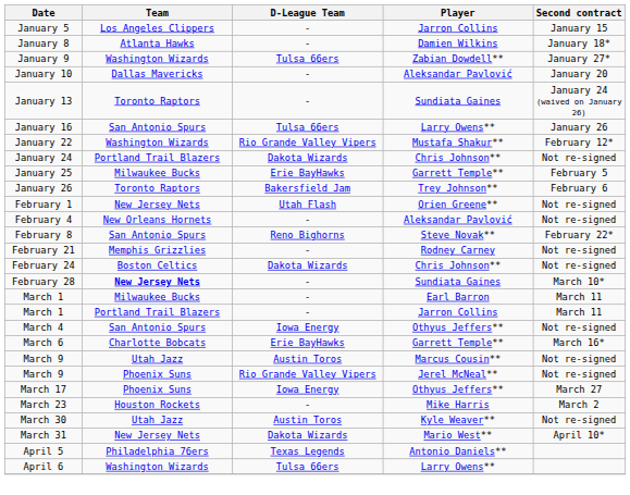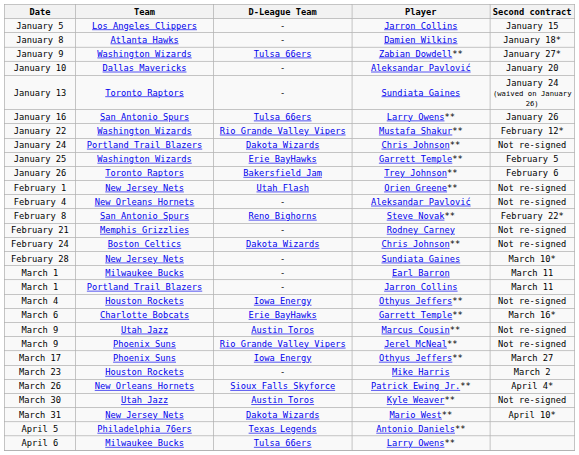 <table class="wikitable" style="text-align: center">
 <tr>
 <th style="width:100px">Date</th>
 <th style="width:200px">Team</th>
 <th style="width:200px">D-League Team</th>
 <th style="width:200px">Player</th>
 <th style="width:120px">Second contract</th>
 </tr>
 <tr>
 <td align="center">January 5</td>
 <td><a href='#'>Los Angeles Clippers</a></td>
 <td>-</td>
 <td><a href='#'>Jarron Collins</a></td>
 <td>January 15</td>
 </tr>
 <tr>
 <td align="center">January 8</td>
 <td><a href='#'>Atlanta Hawks</a></td>
 <td>-</td>
 <td><a href='#'>Damien Wilkins</a></td>
 <td>January 18*</td>
 </tr>
 <tr>
 <td align="center">January 9</td>
 <td><a href='#'>Washington Wizards</a></td>
 <td><a href='#'>Tulsa 66ers</a></td>
 <td><a href='#'>Zabian Dowdell</a>**</td>
 <td>January 27*</td>
 </tr>
 <tr>
 <td align="center">January 10</td>
 <td><a href='#'>Dallas Mavericks</a></td>
 <td>-</td>
 <td><a href='#'>Aleksandar Pavlović</a></td>
 <td>January 20</td>
 </tr>
 <tr>
 <td align="center">January 13</td>
 <td><a href='#'>Toronto Raptors</a></td>
 <td>-</td>
 <td><a href='#'>Sundiata Gaines</a></td>
 <td>January 24 <small> (waived on January 26) </small></td>
 </tr>
 <tr>
 <td align="center">January 16</td>
 <td><a href='#'>San Antonio Spurs</a></td>
 <td><a href='#'>Tulsa 66ers</a></td>
 <td><a href='#'>Larry Owens</a>**</td>
 <td>January 26</td>
 </tr>
 <tr>
 <td align="center">January 22</td>
 <td><a href='#'>Washington Wizards</a></td>
 <td><a href='#'>Rio Grande Valley Vipers</a></td>
 <td><a href='#'>Mustafa Shakur</a>**</td>
 <td>February 12*</td>
 </tr>
 <tr>
 <td align="center">January 24</td>
 <td><a href='#'>Portland Trail Blazers</a></td>
 <td><a href='#'>Dakota Wizards</a></td>
 <td><a href='#'>Chris Johnson</a>**</td>
 <td>Not re-signed</td>
 </tr>
 <tr>
 <td align="center">January 25</td>
-<td><a href='#'>Milwaukee Bucks</a></td>
+<td><a href='#'>Washington Wizards</a></td>
 <td><a href='#'>Erie BayHawks</a></td>
 <td><a href='#'>Garrett Temple</a>**</td>
 <td>February 5</td>
 </tr>
 <tr>
 <td align="center">January 26</td>
 <td><a href='#'>Toronto Raptors</a></td>
 <td><a href='#'>Bakersfield Jam</a></td>
 <td><a href='#'>Trey Johnson</a>**</td>
 <td>February 6</td>
 </tr>
 <tr>
 <td align="center">February 1</td>
 <td><a href='#'>New Jersey Nets</a></td>
 <td><a href='#'>Utah Flash</a></td>
 <td><a href='#'>Orien Greene</a>**</td>
 <td>Not re-signed</td>
 </tr>
 <tr>
 <td align="center">February 4</td>
 <td><a href='#'>New Orleans Hornets</a></td>
 <td>-</td>
 <td><a href='#'>Aleksandar Pavlović</a></td>
 <td>Not re-signed</td>
 </tr>
 <tr>
 <td align="center">February 8</td>
 <td><a href='#'>San Antonio Spurs</a></td>
 <td><a href='#'>Reno Bighorns</a></td>
 <td><a href='#'>Steve Novak</a>**</td>
 <td>February 22*</td>
 </tr>
 <tr>
 <td align="center">February 21</td>
 <td><a href='#'>Memphis Grizzlies</a></td>
 <td>-</td>
 <td><a href='#'>Rodney Carney</a></td>
 <td>Not re-signed</td>
 </tr>
 <tr>
 <td align="center">February 24</td>
 <td><a href='#'>Boston Celtics</a></td>
 <td><a href='#'>Dakota Wizards</a></td>
 <td><a href='#'>Chris Johnson</a>**</td>
 <td>Not re-signed</td>
 </tr>
 <tr>
 <td align="center">February 28</td>
-<td><strong><a href='#'>New Jersey Nets</a></strong></td>
+<td><a href='#'>New Jersey Nets</a></td>
 <td>-</td>
 <td><a href='#'>Sundiata Gaines</a></td>
 <td>March 10*</td>
 </tr>
 <tr>
 <td align="center">March 1</td>
 <td><a href='#'>Milwaukee Bucks</a></td>
 <td>-</td>
 <td><a href='#'>Earl Barron</a></td>
 <td>March 11</td>
 </tr>
 <tr>
 <td align="center">March 1</td>
 <td><a href='#'>Portland Trail Blazers</a></td>
 <td>-</td>
 <td><a href='#'>Jarron Collins</a></td>
 <td>March 11</td>
 </tr>
 <tr>
 <td align="center">March 4</td>
-<td><a href='#'>San Antonio Spurs</a></td>
+<td><a href='#'>Houston Rockets</a></td>
 <td><a href='#'>Iowa Energy</a></td>
 <td><a href='#'>Othyus Jeffers</a>**</td>
 <td>Not re-signed</td>
 </tr>
 <tr>
 <td align="center">March 6</td>
 <td><a href='#'>Charlotte Bobcats</a></td>
 <td><a href='#'>Erie BayHawks</a></td>
 <td><a href='#'>Garrett Temple</a>**</td>
 <td>March 16*</td>
 </tr>
 <tr>
 <td align="center">March 9</td>
 <td><a href='#'>Utah Jazz</a></td>
 <td><a href='#'>Austin Toros</a></td>
 <td><a href='#'>Marcus Cousin</a>**</td>
 <td>Not re-signed</td>
 </tr>
 <tr>
 <td align="center">March 9</td>
 <td><a href='#'>Phoenix Suns</a></td>
 <td><a href='#'>Rio Grande Valley Vipers</a></td>
 <td><a href='#'>Jerel McNeal</a>**</td>
 <td>Not re-signed</td>
 </tr>
 <tr>
 <td align="center:">March 17</td>
 <td><a href='#'>Phoenix Suns</a></td>
 <td><a href='#'>Iowa Energy</a></td>
 <td><a href='#'>Othyus Jeffers</a>**</td>
 <td>March 27</td>
 </tr>
 <tr>
 <td align="center:">March 23</td>
 <td><a href='#'>Houston Rockets</a></td>
 <td>-</td>
 <td><a href='#'>Mike Harris</a></td>
 <td>March 2</td>
 </tr>
 <tr>
+<td align="center:">March 26</td>
+<td><a href='#'>New Orleans Hornets</a></td>
+<td><a href='#'>Sioux Falls Skyforce</a></td>
+<td><a href='#'>Patrick Ewing Jr.</a>**</td>
+<td>April 4*</td>
+</tr>
+<tr>
 <td align="center:">March 30</td>
 <td><a href='#'>Utah Jazz</a></td>
 <td><a href='#'>Austin Toros</a></td>
 <td><a href='#'>Kyle Weaver</a>**</td>
 <td>Not re-signed</td>
 </tr>
 <tr>
 <td align="center:">March 31</td>
 <td><a href='#'>New Jersey Nets</a></td>
 <td><a href='#'>Dakota Wizards</a></td>
 <td><a href='#'>Mario West</a>**</td>
 <td>April 10*</td>
 </tr>
 <tr>
 <td align="center:">April 5</td>
 <td><a href='#'>Philadelphia 76ers</a></td>
 <td><a href='#'>Texas Legends</a></td>
 <td><a href='#'>Antonio Daniels</a>**</td>
 <td></td>
 </tr>
 <tr>
 <td align="center">April 6</td>
-<td><a href='#'>Washington Wizards</a></td>
+<td><a href='#'>Milwaukee Bucks</a></td>
 <td><a href='#'>Tulsa 66ers</a></td>
 <td><a href='#'>Larry Owens</a>**</td>
 <td></td>
 </tr>
 <tr>
 </tr>
 </table>
